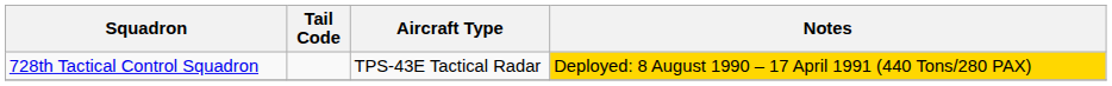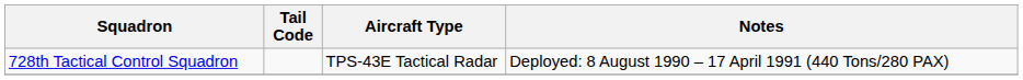 <table class="wikitable">
 <tr>
 <th scope="col" width="250">Squadron</th>
 <th scope="col" width="50">Tail Code</th>
 <th scope="col" width="175">Aircraft Type</th>
 <th scope="col" width="500">Notes</th>
 </tr>
 <tr valign="top">
 <td><a href='#'>728th Tactical Control Squadron</a></td>
 <td></td>
 <td>TPS-43E Tactical Radar</td>
-<td style="background: gold;">Deployed: 8 August 1990 – 17 April 1991 (440 Tons/280 PAX)</td>
+<td>Deployed: 8 August 1990 – 17 April 1991 (440 Tons/280 PAX)</td>
 </tr>
 <tr>
 </tr>
 </table>
